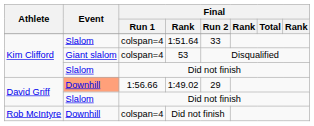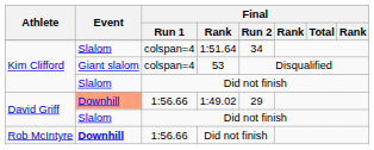 <table class="wikitable" style="font-size:90%">
 <tr>
 <th rowspan="2">Athlete</th>
 <th rowspan="2">Event</th>
 <th colspan="6">Final</th>
 </tr>
 <tr>
 <th>Run 1</th>
 <th>Rank</th>
 <th>Run 2</th>
 <th>Rank</th>
 <th>Total</th>
 <th>Rank</th>
 </tr>
 <tr>
 </tr>
 <tr align="center">
 <td align="left" rowspan=3><a href='#'>Kim Clifford</a></td>
 <td align="left"><a href='#'>Slalom</a></td>
 <td>colspan=4 </td>
 <td>1:51.64</td>
-<td>33</td>
+<td>34</td>
 </tr>
 <tr align="center">
 <td align="left"><a href='#'>Giant slalom</a></td>
 <td>colspan=4 </td>
 <td>53</td>
 <td colspan=4>Disqualified</td>
 </tr>
 <tr align="center">
 <td align="left"><a href='#'>Slalom</a></td>
 <td colspan=6>Did not finish</td>
 </tr>
 <tr align="center">
 <td align="left" rowspan=2><a href='#'>David Griff</a></td>
 <td align="left" style="background: lightsalmon;"><a href='#'>Downhill</a></td>
 <td>1:56.66</td>
 <td>1:49.02</td>
 <td>29</td>
 </tr>
 <tr align="center">
 <td align="left"><a href='#'>Slalom</a></td>
 <td colspan=6>Did not finish</td>
 </tr>
 <tr align="center">
 <td align="left"><a href='#'>Rob McIntyre</a></td>
-<td align="left"><a href='#'>Downhill</a></td>
-<td>colspan=4 </td>
+<td align="left"><strong><a href='#'>Downhill</a></strong></td>
+<td>1:56.66</td>
 <td colspan=2>Did not finish</td>
 </tr>
 </table>
